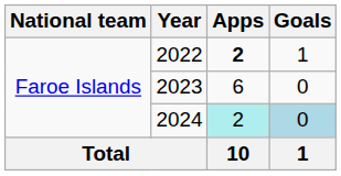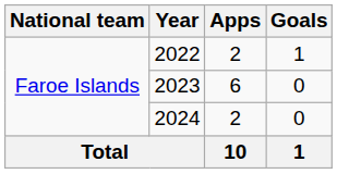 <table class="wikitable" style="text-align:center">
 <tr>
 <th>National team</th>
 <th>Year</th>
 <th>Apps</th>
 <th>Goals</th>
 </tr>
 <tr>
 <td rowspan="3"><a href='#'>Faroe Islands</a></td>
 <td>2022</td>
-<td><strong>2</strong></td>
+<td>2</td>
 <td>1</td>
 </tr>
 <tr>
 <td>2023</td>
 <td>6</td>
 <td>0</td>
 </tr>
 <tr>
 <td>2024</td>
-<td style="background: paleturquoise;">2</td>
-<td style="background: lightblue;">0</td>
+<td>2</td>
+<td>0</td>
 </tr>
 <tr>
 <th colspan="2">Total</th>
 <th>10</th>
 <th>1</th>
 </tr>
 </table>
